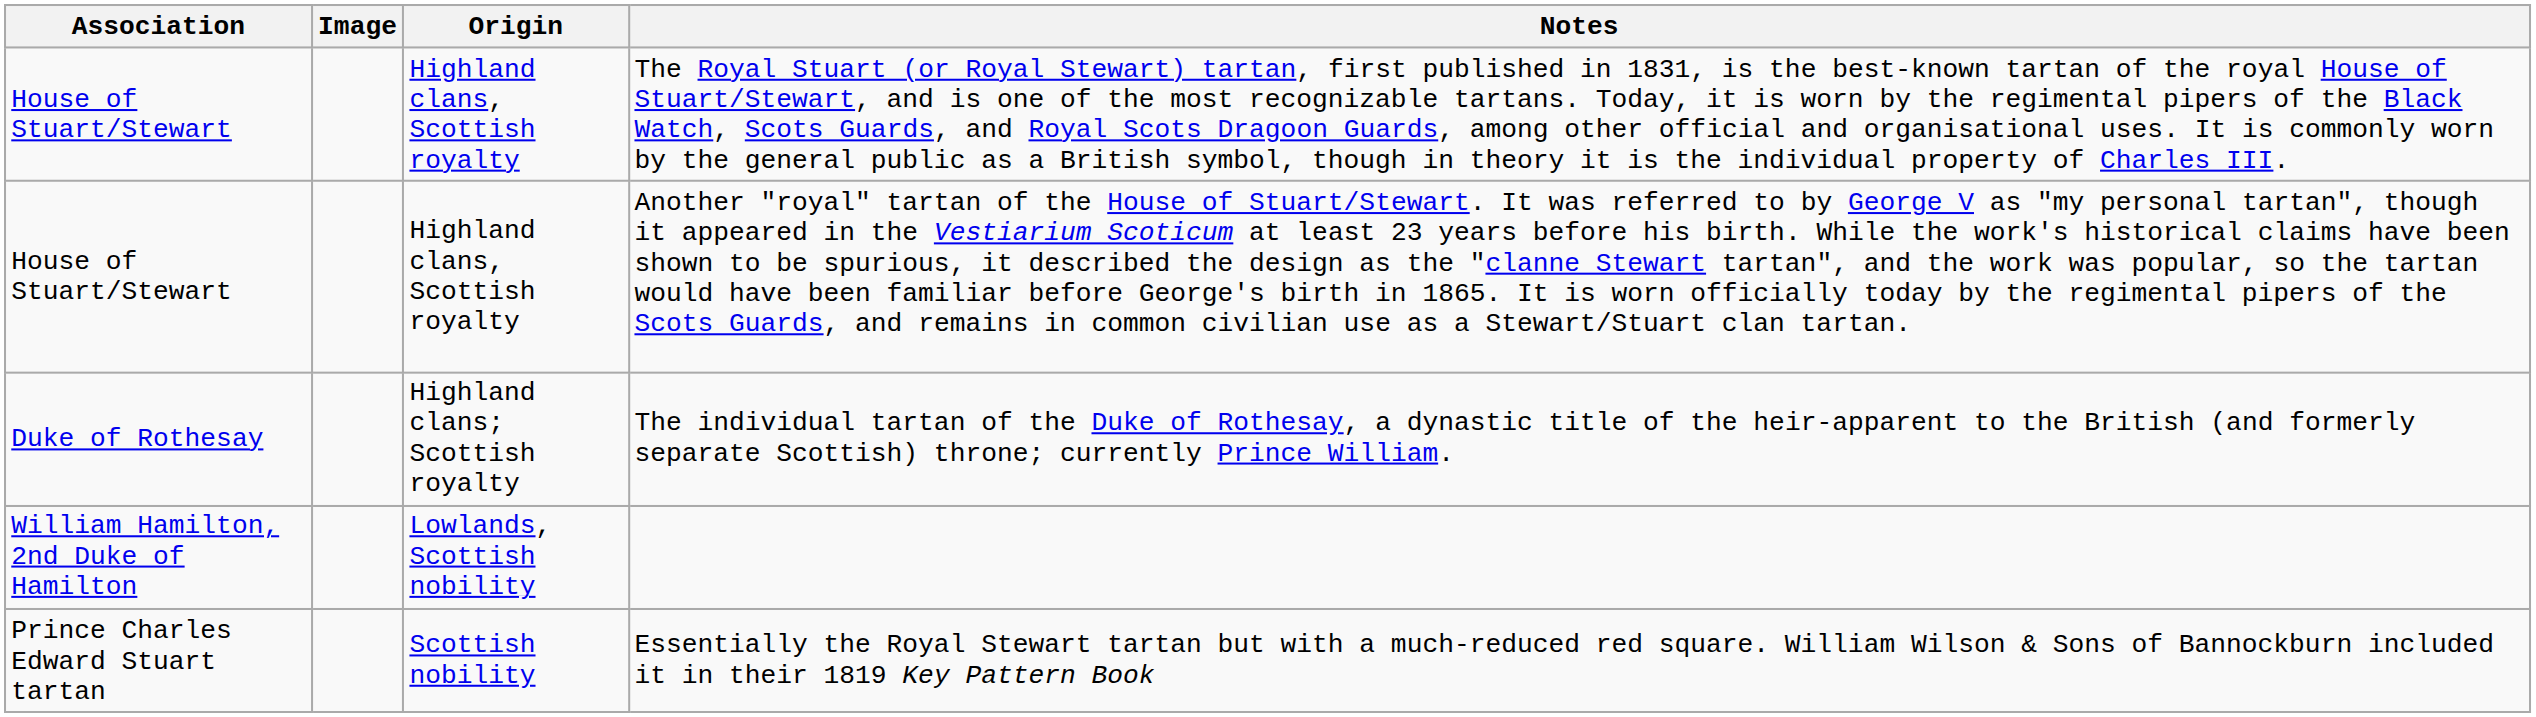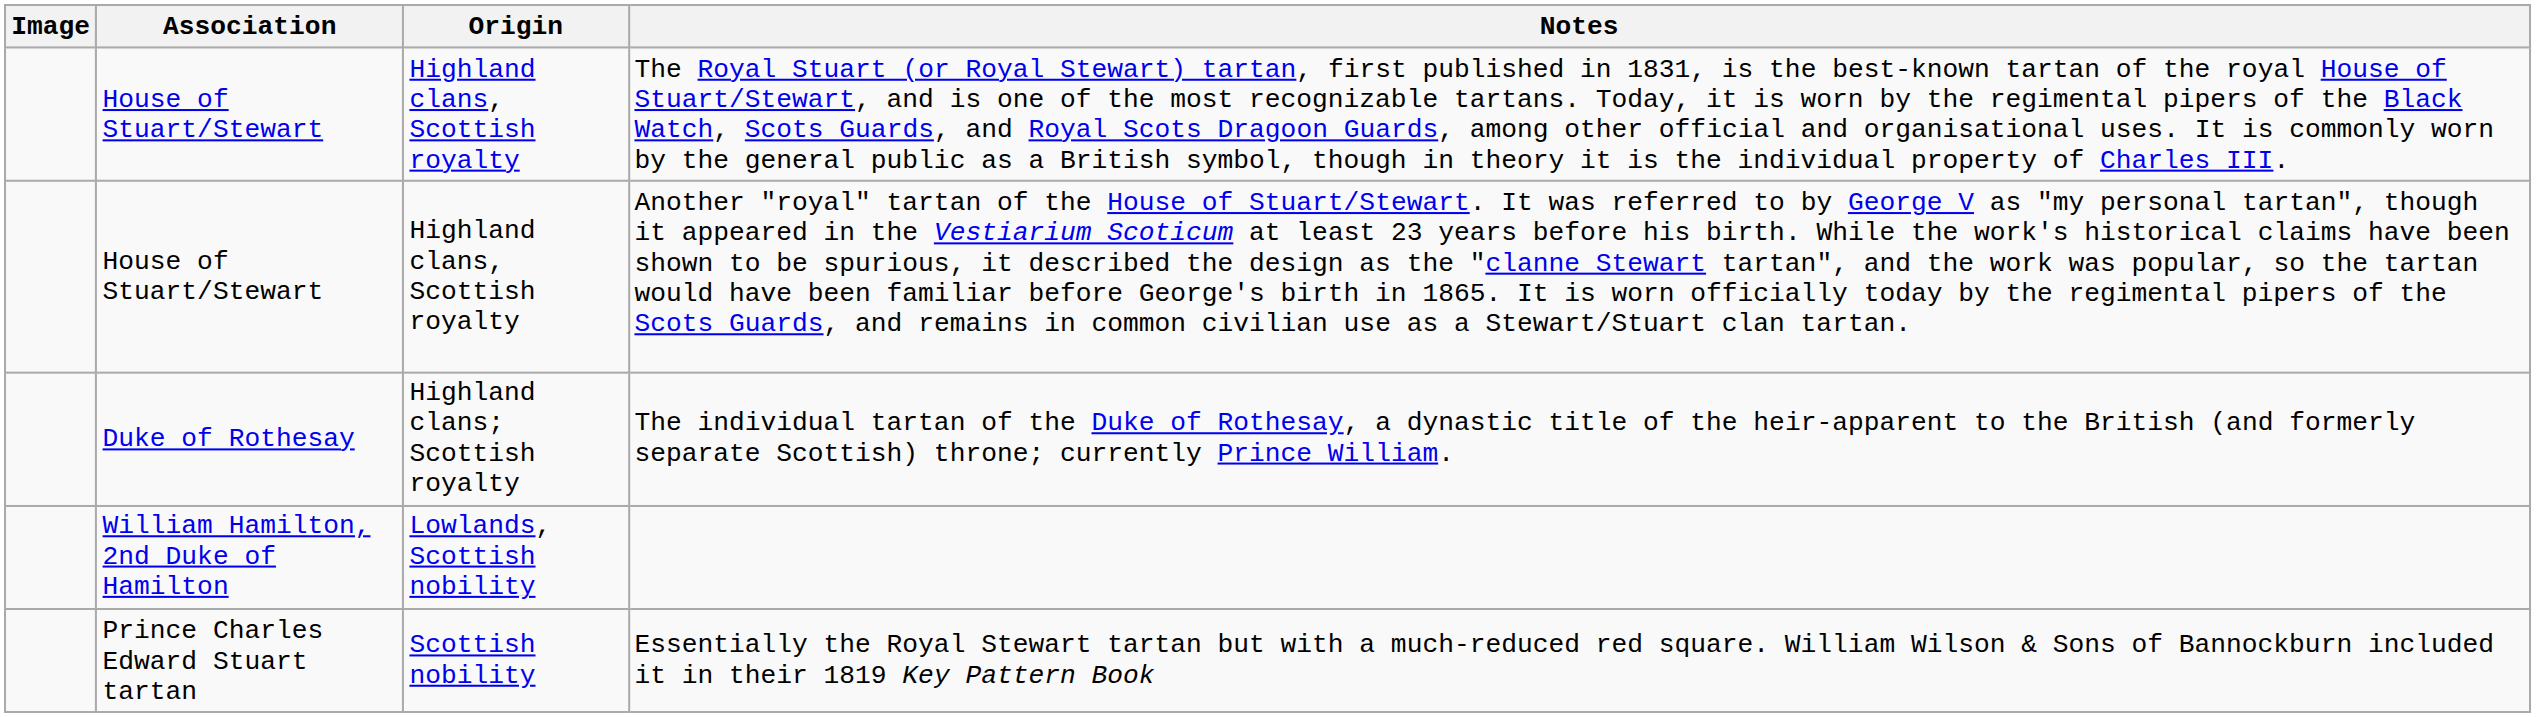 <table class="wikitable sortable">
 <tr>
+<th>Image</th>
 <th>Association</th>
-<th>Image</th>
 <th>Origin</th>
 <th>Notes</th>
 </tr>
 <tr>
+<td></td>
 <td><a href='#'>House of Stuart/Stewart</a></td>
-<td></td>
 <td><a href='#'>Highland</a> <a href='#'>clans</a>, <a href='#'>Scottish royalty</a></td>
 <td>The <a href='#'>Royal Stuart (or Royal Stewart) tartan</a>, first published in 1831, is the best-known tartan of the royal <a href='#'>House of Stuart/Stewart</a>, and is one of the most recognizable tartans. Today, it is worn by the regimental pipers of the <a href='#'>Black Watch</a>, <a href='#'>Scots Guards</a>, and <a href='#'>Royal Scots Dragoon Guards</a>, among other official and organisational uses. It is commonly worn by the general public as a British symbol, though in theory it is the individual property of <a href='#'>Charles III</a>.</td>
 </tr>
 <tr>
+<td></td>
 <td>House of Stuart/Stewart</td>
-<td></td>
 <td>Highland clans, Scottish royalty</td>
 <td>Another "royal" tartan of the <a href='#'>House of Stuart/Stewart</a>. It was referred to by <a href='#'>George V</a> as "my personal tartan", though it appeared in the <em><a href='#'>Vestiarium Scoticum</a></em> at least 23 years before his birth. While the work's historical claims have been shown to be spurious, it described the design as the "<a href='#'>clanne Stewart</a> tartan", and the work was popular, so the tartan would have been familiar before George's birth in 1865. It is worn officially today by the regimental pipers of the <a href='#'>Scots Guards</a>, and remains in common civilian use as a Stewart/Stuart clan tartan.<p></p></td>
 </tr>
 <tr>
+<td></td>
 <td><a href='#'>Duke of Rothesay</a></td>
-<td></td>
 <td>Highland clans; Scottish royalty</td>
 <td>The individual tartan of the <a href='#'>Duke of Rothesay</a>, a dynastic title of the heir-apparent to the British (and formerly separate Scottish) throne; currently <a href='#'>Prince William</a>.</td>
 </tr>
 <tr>
+<td></td>
 <td><a href='#'>William Hamilton, 2nd Duke of Hamilton</a></td>
-<td></td>
 <td><a href='#'>Lowlands</a>, <a href='#'>Scottish nobility</a></td>
 <td></td>
 </tr>
 <tr>
+<td></td>
 <td>Prince Charles Edward Stuart tartan</td>
-<td></td>
 <td><a href='#'>Scottish nobility</a></td>
 <td>Essentially the Royal Stewart tartan but with a much-reduced red square. William Wilson & Sons of Bannockburn included it in their 1819 <em>Key Pattern Book</em></td>
 </tr>
 </table>
